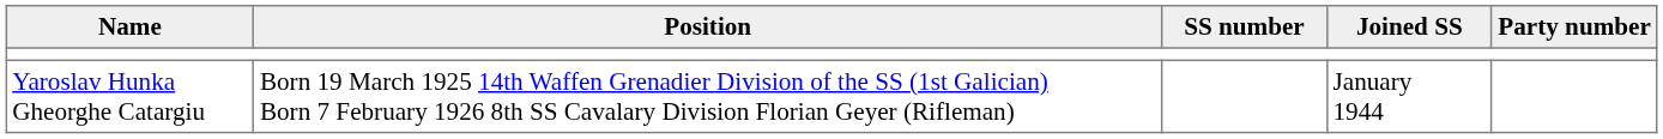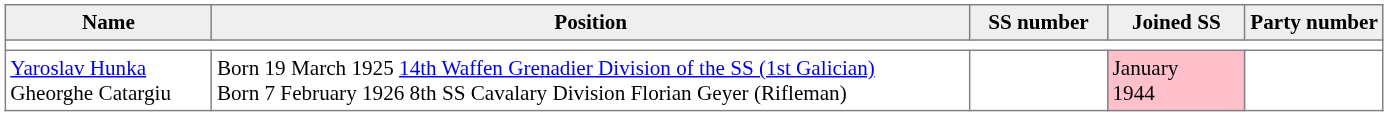 <table align="center" border="1" cellpadding="3" cellspacing="0" style="font-size: 90%; border: gray solid 1px; border-collapse: collapse; text-align: middle;">
 <tr>
 <th bgcolor="#efefef" style="width: 15%">Name</th>
 <th bgcolor="#efefef" style="width: 55%">Position</th>
 <th bgcolor="#efefef" style="width: 10%">SS number</th>
 <th bgcolor="#efefef" style="width: 10%">Joined SS</th>
 <th bgcolor="#efefef" style="width: 10%">Party number</th>
 </tr>
 <tr>
 <td colspan=5></td>
 </tr>
 <tr>
 <td><a href='#'>Yaroslav Hunka</a><br>Gheorghe Catargiu</td>
 <td>Born 19 March 1925 <a href='#'>14th Waffen Grenadier Division of the SS (1st Galician)</a><br>Born 7 February 1926 8th SS Cavalary Division Florian Geyer (Rifleman)</td>
 <td></td>
-<td>January<br>1944</td>
+<td style="background: pink;">January<br>1944</td>
 <td></td>
 </tr>
 </table>
